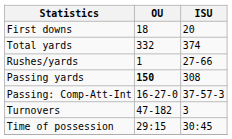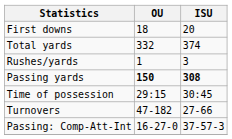 <table class="wikitable" style="float: left;">
 <tr>
 <th>Statistics</th>
 <th>OU</th>
 <th>ISU</th>
 </tr>
 <tr>
 <td>First downs</td>
 <td>18</td>
 <td>20</td>
 </tr>
 <tr>
 <td>Total yards</td>
 <td>332</td>
 <td>374</td>
 </tr>
 <tr>
 <td>Rushes/yards</td>
 <td>1</td>
-<td>27-66</td>
+<td>3</td>
 </tr>
 <tr>
 <td>Passing yards</td>
 <td><strong>150</strong></td>
-<td>308</td>
+<td><strong>308</strong></td>
+</tr>
+<tr>
+<td>Time of possession</td>
+<td>29:15</td>
+<td>30:45</td>
+</tr>
+<tr>
+<td>Turnovers</td>
+<td>47-182</td>
+<td>27-66</td>
 </tr>
 <tr>
 <td>Passing: Comp-Att-Int</td>
 <td>16-27-0</td>
 <td>37-57-3</td>
 </tr>
 <tr>
-<td>Turnovers</td>
-<td>47-182</td>
-<td>3</td>
-</tr>
-<tr>
-<td>Time of possession</td>
-<td>29:15</td>
-<td>30:45</td>
-</tr>
-<tr>
 </tr>
 </table>
